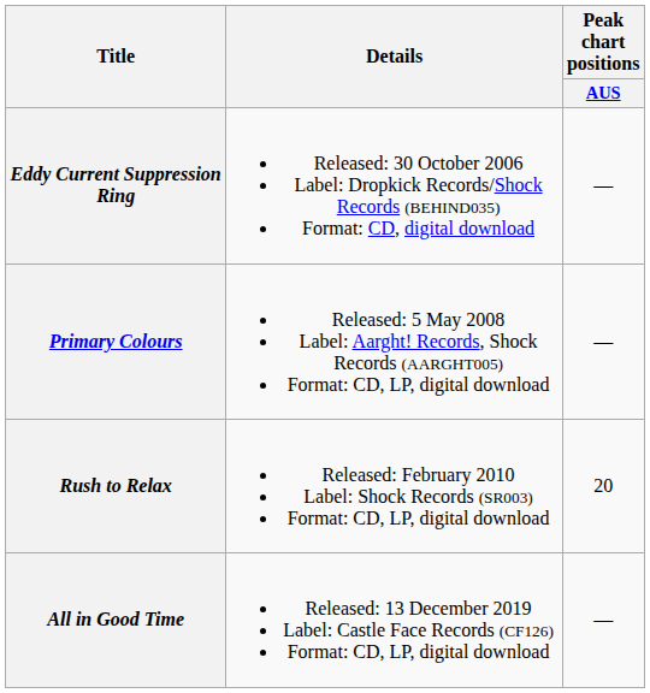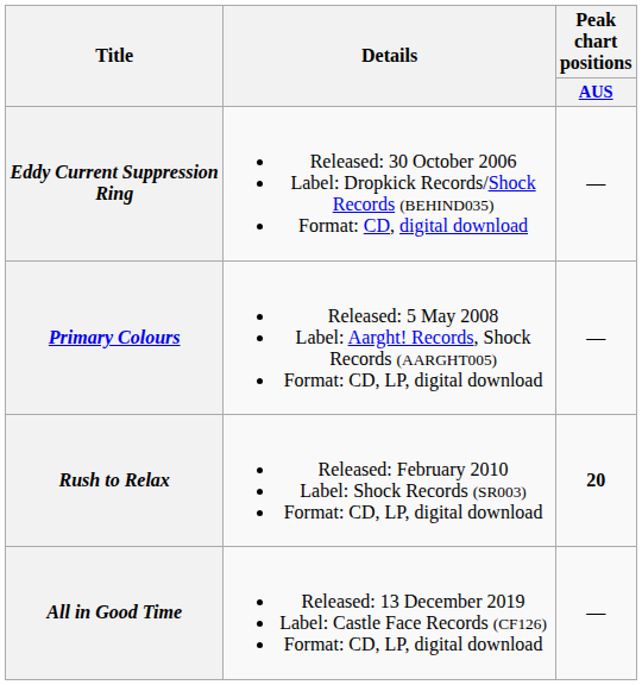 <table class="wikitable plainrowheaders" style="text-align:center;" border="1">
 <tr>
 <th scope="col" rowspan="2" style="width:11em;">Title</th>
 <th scope="col" rowspan="2" style="width:17em;">Details</th>
 <th scope="col" colspan="1">Peak chart positions</th>
 </tr>
 <tr>
 <th scope="col" style="width:3em;font-size:90%;"><a href='#'>AUS</a><br></th>
 </tr>
 <tr>
 <th scope="row"><em>Eddy Current Suppression Ring</em></th>
 <td><br><ul><li>Released: 30 October 2006</li><li>Label: Dropkick Records/<a href='#'>Shock Records</a> <small>(BEHIND035)</small></li><li>Format: <a href='#'>CD</a>, <a href='#'>digital download</a></li></ul></td>
 <td>—</td>
 </tr>
 <tr>
 <th scope="row"><em><a href='#'>Primary Colours</a></em></th>
 <td><br><ul><li>Released: 5 May 2008</li><li>Label: <a href='#'>Aarght! Records</a>, Shock Records <small>(AARGHT005)</small></li><li>Format: CD, LP, digital download</li></ul></td>
 <td>—</td>
 </tr>
 <tr>
 <th scope="row"><em>Rush to Relax</em></th>
 <td><br><ul><li>Released: February 2010</li><li>Label: Shock Records <small>(SR003)</small></li><li>Format: CD, LP, digital download</li></ul></td>
-<td>20</td>
+<td><strong>20</strong></td>
 </tr>
 <tr>
 <th scope="row"><em>All in Good Time</em></th>
 <td><br><ul><li>Released: 13 December 2019</li><li>Label: Castle Face Records <small>(CF126)</small></li><li>Format: CD, LP, digital download</li></ul></td>
 <td>—</td>
 </tr>
 </table>
